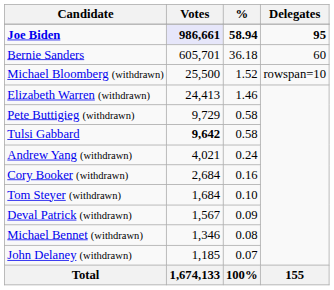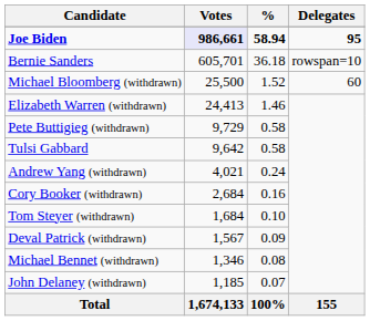 <table class="wikitable sortable" style="text-align:right;">
 <tr>
 <th>Candidate</th>
 <th>Votes</th>
 <th>%</th>
 <th>Delegates</th>
 </tr>
 <tr>
 </tr>
 <tr>
 <td style="text-align:left;" data-sort-value="Biden, Joe"><strong><a href='#'>Joe Biden</a></strong></td>
 <td style="background: lavender;"><strong>986,661</strong></td>
 <td><strong>58.94</strong></td>
 <td><strong>95</strong></td>
 </tr>
 <tr>
 <td style="text-align:left;" data-sort-value="Sanders, Bernie"><a href='#'>Bernie Sanders</a></td>
 <td>605,701</td>
 <td>36.18</td>
-<td>60</td>
+<td>rowspan=10 </td>
 </tr>
 <tr>
 <td style="text-align:left;" data-sort-value="Bloomberg, Michael"><a href='#'>Michael Bloomberg</a> <small>(withdrawn)</small></td>
 <td>25,500</td>
 <td>1.52</td>
-<td>rowspan=10 </td>
+<td>60</td>
 </tr>
 <tr>
 <td style="text-align:left;" data-sort-value="Warren, Elizabeth"><a href='#'>Elizabeth Warren</a> <small>(withdrawn)</small></td>
 <td>24,413</td>
 <td>1.46</td>
 </tr>
 <tr>
 <td style="text-align:left;" data-sort-value="Buttigieg, Pete"><a href='#'>Pete Buttigieg</a> <small>(withdrawn)</small></td>
 <td>9,729</td>
 <td>0.58</td>
 </tr>
 <tr>
 <td style="text-align:left;" data-sort-value="Gabbard, Tulsi"><a href='#'>Tulsi Gabbard</a></td>
-<td><strong>9,642</strong></td>
+<td>9,642</td>
 <td>0.58</td>
 </tr>
 <tr>
 <td style="text-align:left;" data-sort-value="Yang, Andrew"><a href='#'>Andrew Yang</a> <small>(withdrawn)</small></td>
 <td>4,021</td>
 <td>0.24</td>
 </tr>
 <tr>
 <td style="text-align:left;" data-sort-value="Booker, Cory"><a href='#'>Cory Booker</a> <small>(withdrawn)</small></td>
 <td>2,684</td>
 <td>0.16</td>
 </tr>
 <tr>
 <td style="text-align:left;" data-sort-value="Steyer, Tom"><a href='#'>Tom Steyer</a> <small>(withdrawn)</small></td>
 <td>1,684</td>
 <td>0.10</td>
 </tr>
 <tr>
 <td style="text-align:left;" data-sort-value="Patrick, Deval"><a href='#'>Deval Patrick</a> <small>(withdrawn)</small></td>
 <td>1,567</td>
 <td>0.09</td>
 </tr>
 <tr>
 <td style="text-align:left;" data-sort-value="Bennet, Michael"><a href='#'>Michael Bennet</a> <small>(withdrawn)</small></td>
 <td>1,346</td>
 <td>0.08</td>
 </tr>
 <tr>
 <td style="text-align:left;" data-sort-value="Delaney, John"><a href='#'>John Delaney</a> <small>(withdrawn)</small></td>
 <td>1,185</td>
 <td>0.07</td>
 </tr>
 <tr>
 <th>Total</th>
 <th>1,674,133</th>
 <th>100%</th>
 <th>155</th>
 </tr>
 </table>
